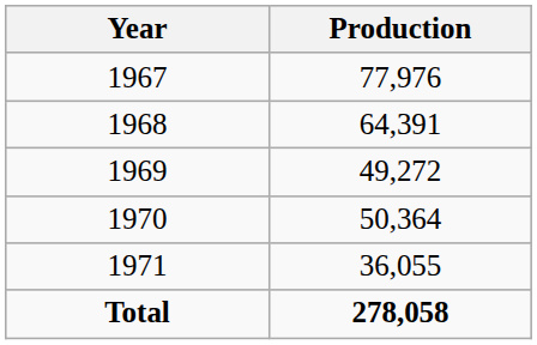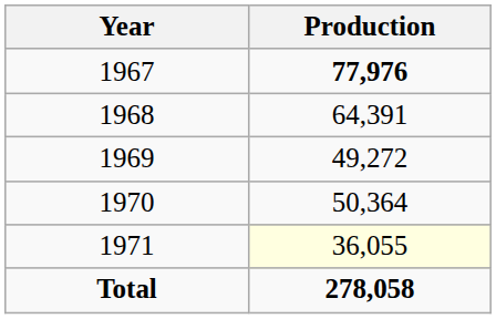 <table class="wikitable">
 <tr style="text-align:center;">
 <th style="width:100pt; "><strong>Year</strong></th>
 <th style="width:100pt; text-align:center;"><strong>Production</strong></th>
 </tr>
 <tr style="text-align:center;">
 <td>1967</td>
-<td style="text-align:center;">77,976</td>
+<td style="text-align:center;"><strong>77,976</strong></td>
 </tr>
 <tr style="text-align:center;">
 <td>1968</td>
 <td style="text-align:center;">64,391</td>
 </tr>
 <tr style="text-align:center;">
 <td>1969</td>
 <td style="text-align:center;">49,272</td>
 </tr>
 <tr style="text-align:center;">
 <td>1970</td>
 <td style="text-align:center;">50,364</td>
 </tr>
 <tr style="text-align:center;">
 <td>1971</td>
-<td style="text-align:center;">36,055</td>
+<td style="background: lightyellow; text-align:center;">36,055</td>
 </tr>
 <tr style="text-align:center;">
 <td><strong>Total</strong></td>
 <td style="text-align:center;"><strong>278,058</strong></td>
 </tr>
 </table>
